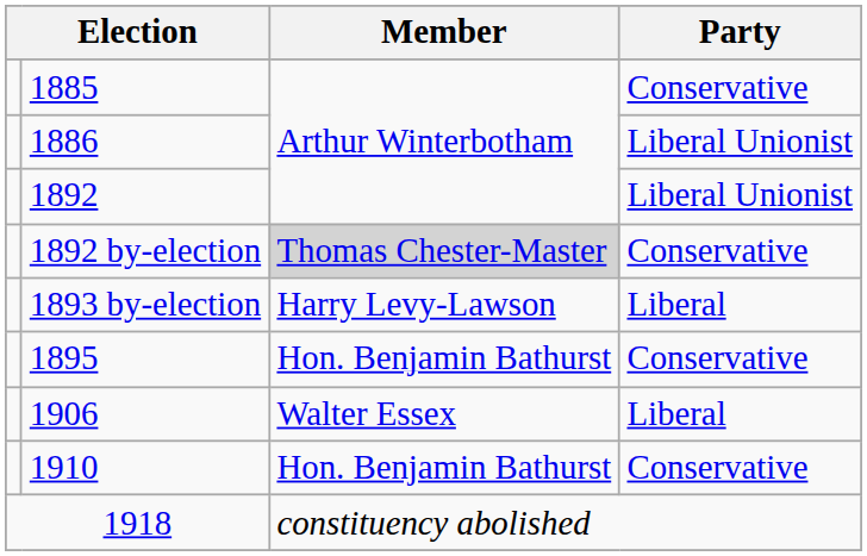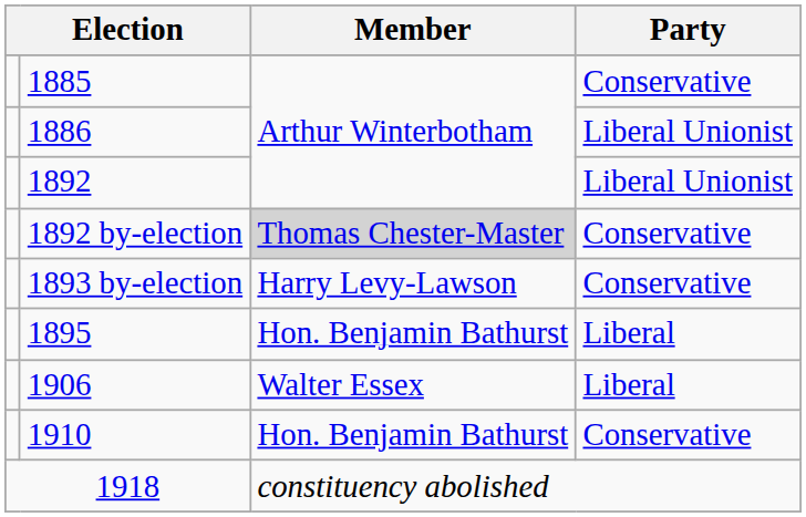 <table class="wikitable">
 <tr>
 <th colspan="2">Election</th>
 <th>Member</th>
 <th>Party</th>
 </tr>
 <tr>
 <td style="color:inherit;background-color: "></td>
 <td><a href='#'>1885</a></td>
 <td rowspan="3"><a href='#'>Arthur Winterbotham</a></td>
 <td><a href='#'>Conservative</a></td>
 </tr>
 <tr>
 <td style="color:inherit;background-color: "></td>
 <td><a href='#'>1886</a></td>
 <td><a href='#'>Liberal Unionist</a></td>
 </tr>
 <tr>
 <td style="color:inherit;background-color: "></td>
 <td><a href='#'>1892</a></td>
 <td><a href='#'>Liberal Unionist</a></td>
 </tr>
 <tr>
 <td style="color:inherit;background-color: "></td>
 <td><a href='#'>1892 by-election</a></td>
 <td style="background: lightgrey;"><a href='#'>Thomas Chester-Master</a></td>
 <td><a href='#'>Conservative</a></td>
 </tr>
 <tr>
 <td style="color:inherit;background-color: "></td>
 <td><a href='#'>1893 by-election</a></td>
 <td><a href='#'>Harry Levy-Lawson</a></td>
-<td><a href='#'>Liberal</a></td>
+<td><a href='#'>Conservative</a></td>
 </tr>
 <tr>
 <td style="color:inherit;background-color: "></td>
 <td><a href='#'>1895</a></td>
 <td><a href='#'>Hon. Benjamin Bathurst</a></td>
-<td><a href='#'>Conservative</a></td>
+<td><a href='#'>Liberal</a></td>
 </tr>
 <tr>
 <td style="color:inherit;background-color: "></td>
 <td><a href='#'>1906</a></td>
 <td><a href='#'>Walter Essex</a></td>
 <td><a href='#'>Liberal</a></td>
 </tr>
 <tr>
 <td style="color:inherit;background-color: "></td>
 <td><a href='#'>1910</a></td>
 <td><a href='#'>Hon. Benjamin Bathurst</a></td>
 <td><a href='#'>Conservative</a></td>
 </tr>
 <tr>
 <td colspan="2" style="text-align:center;"><a href='#'>1918</a></td>
 <td colspan="2"><em>constituency abolished</em></td>
 </tr>
 </table>
